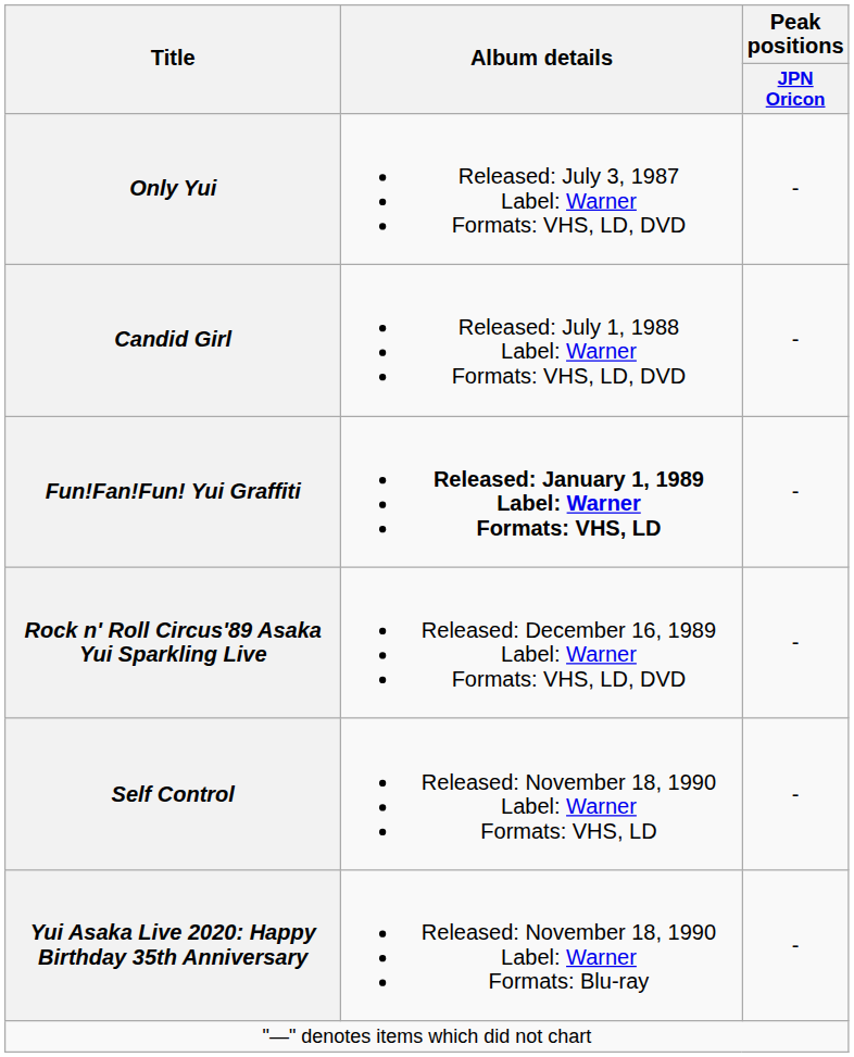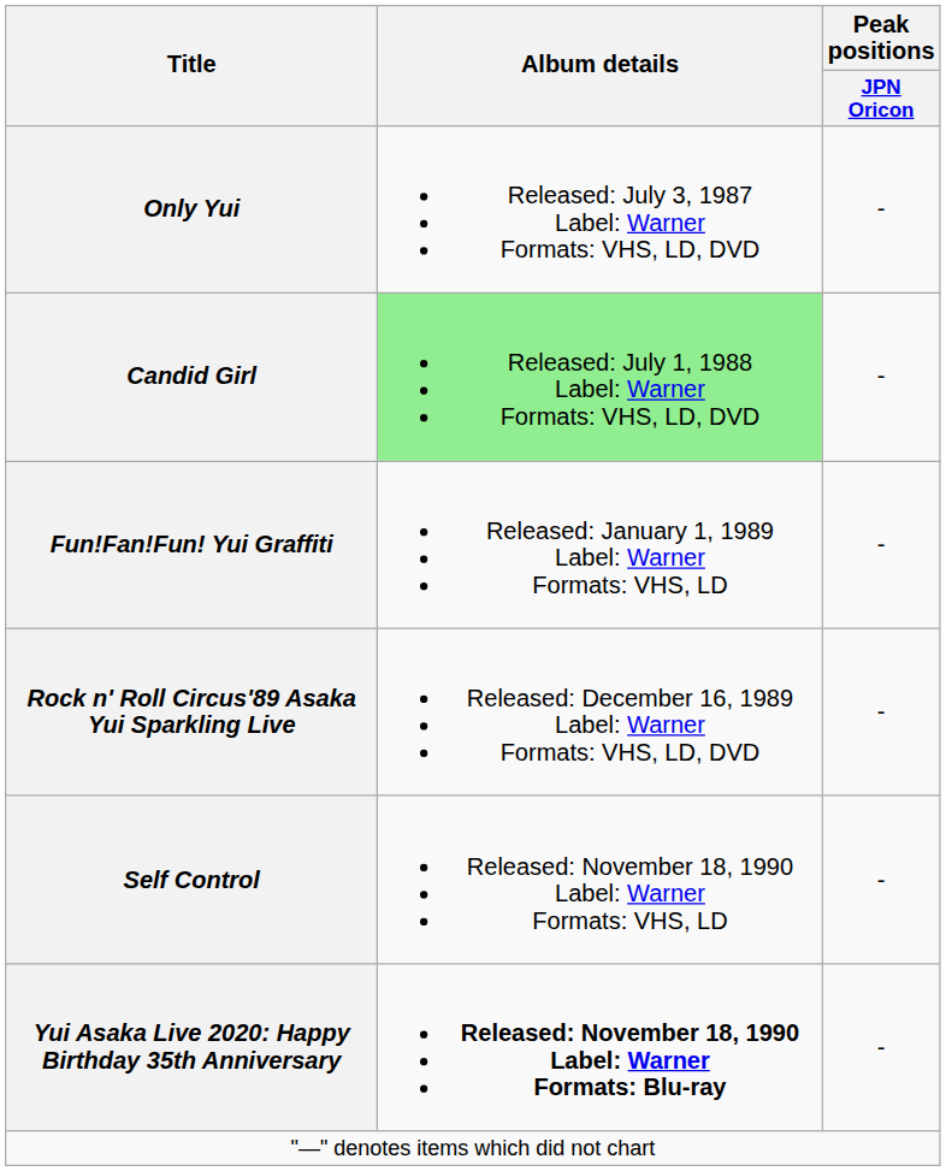 <table class="wikitable plainrowheaders" style="text-align:center;">
 <tr>
 <th style="width:15em;" rowspan="2">Title</th>
 <th style="width:18em;" rowspan="2">Album details</th>
 <th colspan="1">Peak positions</th>
 </tr>
 <tr>
 <th style="width:3em;font-size:85%"><a href='#'>JPN<br>Oricon</a><br></th>
 </tr>
 <tr>
 <th scope="row"><em>Only Yui</em></th>
 <td><br><ul><li>Released: July 3, 1987</li><li>Label: <a href='#'>Warner</a></li><li>Formats: VHS, LD, DVD</li></ul></td>
 <td>-</td>
 </tr>
 <tr>
 <th scope="row"><em>Candid Girl</em></th>
-<td><br><ul><li>Released: July 1, 1988</li><li>Label: <a href='#'>Warner</a></li><li>Formats: VHS, LD, DVD</li></ul></td>
+<td style="background: lightgreen;"><br><ul><li>Released: July 1, 1988</li><li>Label: <a href='#'>Warner</a></li><li>Formats: VHS, LD, DVD</li></ul></td>
 <td>-</td>
 </tr>
 <tr>
 <th scope="row"><em>Fun!Fan!Fun! Yui Graffiti</em></th>
-<td><strong><br><ul><li>Released: January 1, 1989</li><li>Label: <a href='#'>Warner</a></li><li>Formats: VHS, LD</li></ul></strong></td>
+<td><br><ul><li>Released: January 1, 1989</li><li>Label: <a href='#'>Warner</a></li><li>Formats: VHS, LD</li></ul></td>
 <td>-</td>
 </tr>
 <tr>
 <th scope="row"><em>Rock n' Roll Circus'89 Asaka Yui Sparkling Live</em></th>
 <td><br><ul><li>Released: December 16, 1989</li><li>Label: <a href='#'>Warner</a></li><li>Formats: VHS, LD, DVD</li></ul></td>
 <td>-</td>
 </tr>
 <tr>
 <th scope="row"><em>Self Control</em></th>
 <td><br><ul><li>Released: November 18, 1990</li><li>Label: <a href='#'>Warner</a></li><li>Formats: VHS, LD</li></ul></td>
 <td>-</td>
 </tr>
 <tr>
 <th scope="row"><em>Yui Asaka Live 2020: Happy Birthday 35th Anniversary</em></th>
-<td><br><ul><li>Released: November 18, 1990</li><li>Label: <a href='#'>Warner</a></li><li>Formats: Blu-ray</li></ul></td>
+<td><strong><br><ul><li>Released: November 18, 1990</li><li>Label: <a href='#'>Warner</a></li><li>Formats: Blu-ray</li></ul></strong></td>
 <td>-</td>
 </tr>
 <tr>
 <td colspan="11" align="center" style="font-size:90%;">"—" denotes items which did not chart</td>
 </tr>
 </table>
